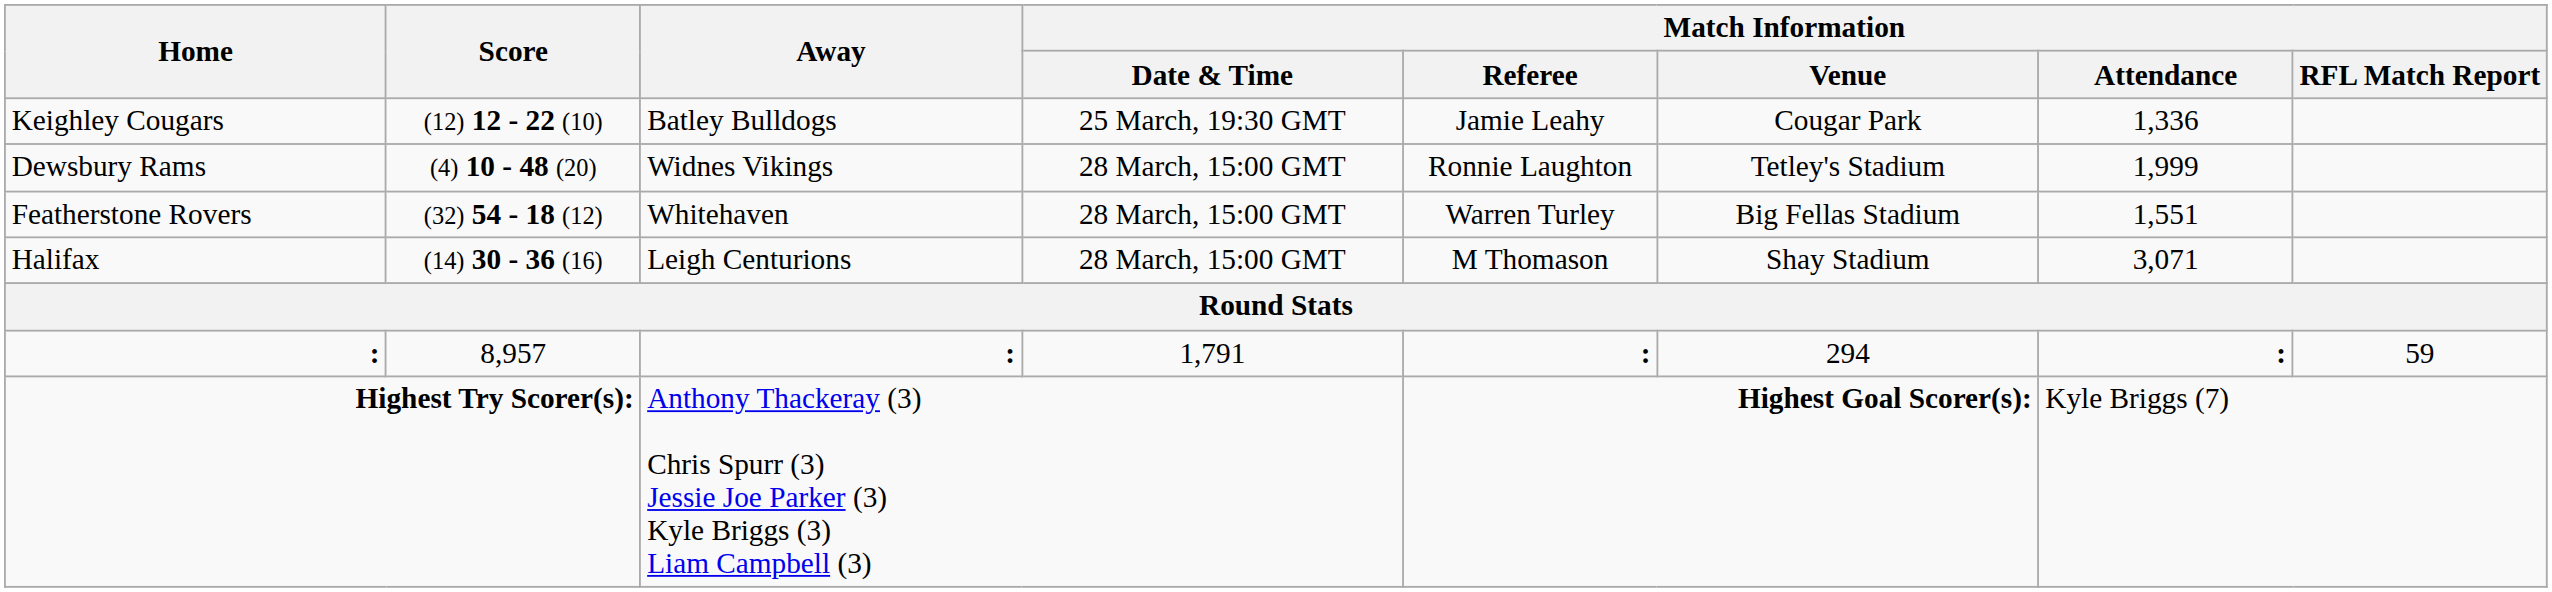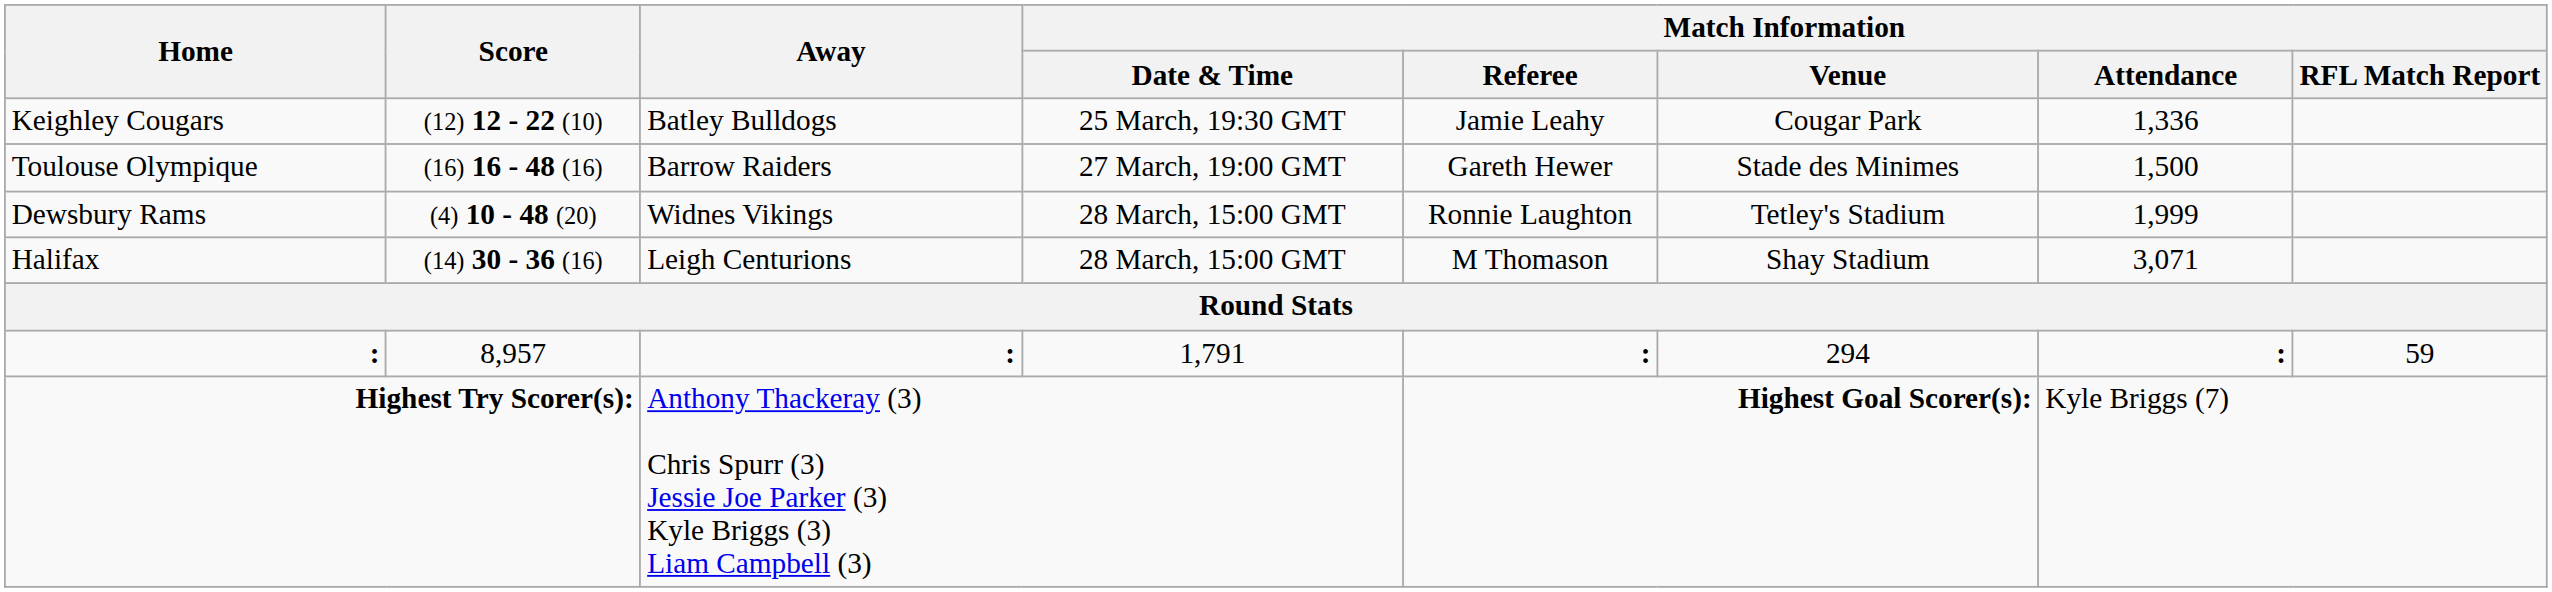 <table class="wikitable" style="text-align: center; cellpadding=3 cellspacing=0 width=95%">
 <tr>
 <th rowspan=2 width=15%>Home</th>
 <th rowspan=2 width=10%>Score</th>
 <th rowspan=2 width=15%>Away</th>
 <th colspan=5>Match Information</th>
 </tr>
 <tr>
 <th width=15%>Date & Time</th>
 <th width=10%>Referee</th>
 <th width=15%>Venue</th>
 <th width=10%>Attendance</th>
 <th width=10%>RFL Match Report</th>
 </tr>
 <tr>
 <td align=left> Keighley Cougars</td>
 <td><small>(12)</small> <strong>12 - 22</strong> <small>(10)</small></td>
 <td align=left> Batley Bulldogs</td>
 <td>25 March, 19:30 GMT</td>
 <td>Jamie Leahy</td>
 <td>Cougar Park</td>
 <td>1,336</td>
 <td align="center"></td>
 </tr>
 <tr>
+<td align=left> Toulouse Olympique</td>
+<td><small>(16)</small> <strong>16 - 48</strong> <small>(16)</small></td>
+<td align=left> Barrow Raiders</td>
+<td>27 March, 19:00 GMT</td>
+<td>Gareth Hewer</td>
+<td>Stade des Minimes</td>
+<td>1,500</td>
+<td align="center"></td>
+</tr>
+<tr>
 <td align=left> Dewsbury Rams</td>
 <td><small>(4)</small> <strong>10 - 48</strong> <small>(20)</small></td>
 <td align=left> Widnes Vikings</td>
 <td>28 March, 15:00 GMT</td>
 <td>Ronnie Laughton</td>
 <td>Tetley's Stadium</td>
 <td>1,999</td>
-<td align="center"></td>
-</tr>
-<tr>
-<td align=left> Featherstone Rovers</td>
-<td><small>(32)</small> <strong>54 - 18</strong> <small>(12)</small></td>
-<td align=left> Whitehaven</td>
-<td>28 March, 15:00 GMT</td>
-<td>Warren Turley</td>
-<td>Big Fellas Stadium</td>
-<td>1,551</td>
 <td align="center"></td>
 </tr>
 <tr>
 <td align=left> Halifax</td>
 <td><small>(14)</small> <strong>30 - 36</strong> <small>(16)</small></td>
 <td align=left> Leigh Centurions</td>
 <td>28 March, 15:00 GMT</td>
 <td>M Thomason</td>
 <td>Shay Stadium</td>
 <td>3,071</td>
 <td align="center"></td>
 </tr>
 <tr>
 <th colspan=8>Round Stats</th>
 </tr>
 <tr>
 <td colspan=1 align=right><strong>:</strong></td>
 <td colspan=1>8,957</td>
 <td colspan=1 align=right><strong>:</strong></td>
 <td colspan=1>1,791</td>
 <td colspan=1 align=right><strong>:</strong></td>
 <td colspan=1>294</td>
 <td colspan=1 align=right><strong>:</strong></td>
 <td colspan=1>59</td>
 </tr>
 <tr>
 <td colspan=2 valign="top" align=right><strong>Highest Try Scorer(s):</strong></td>
 <td colspan=2 valign="top" align=left> <a href='#'>Anthony Thackeray</a> (3)<br><br> Chris Spurr (3)<br>  <a href='#'>Jessie Joe Parker</a> (3)<br>  Kyle Briggs (3)<br>  <a href='#'>Liam Campbell</a> (3)</td>
 <td colspan=2 valign="top" align=right><strong>Highest Goal Scorer(s):</strong></td>
 <td colspan=2 valign="top" align=left> Kyle Briggs (7)</td>
 </tr>
 </table>
